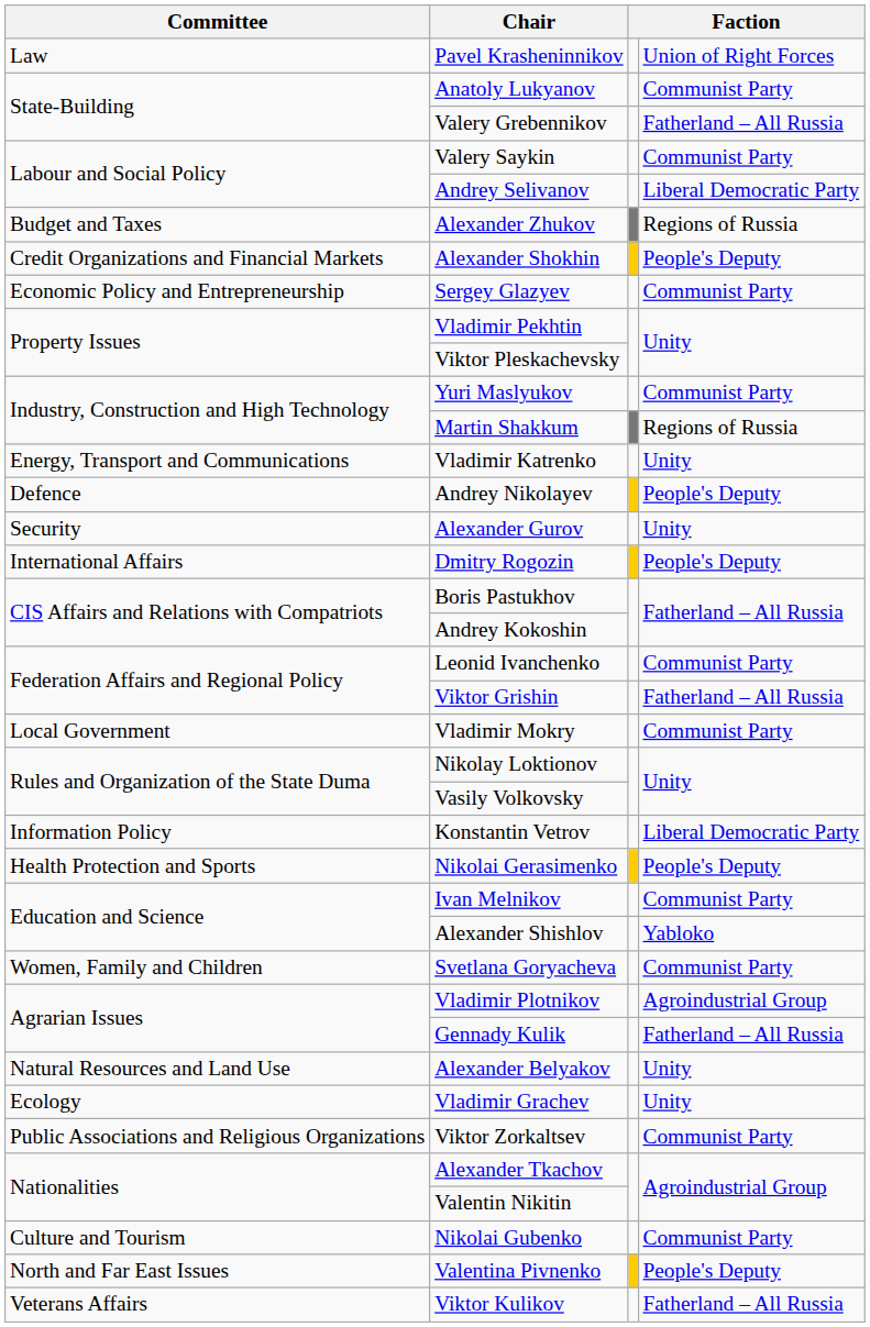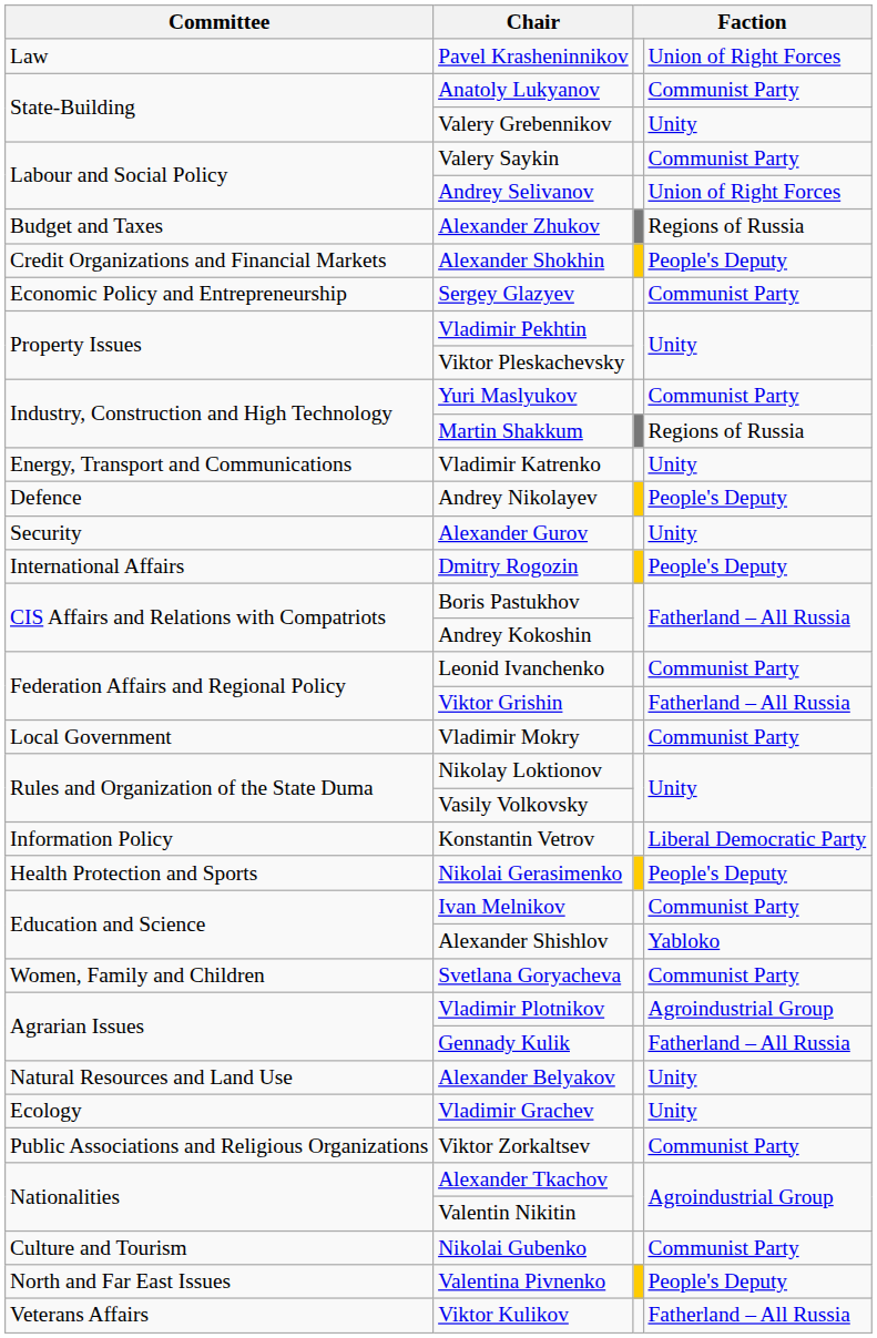 <table class="wikitable">
 <tr>
 <th>Committee</th>
 <th>Chair</th>
 <th colspan=2>Faction</th>
 </tr>
 <tr>
 <td>Law</td>
 <td><a href='#'>Pavel Krasheninnikov</a></td>
 <td style="background-color:"></td>
 <td><a href='#'>Union of Right Forces</a></td>
 </tr>
 <tr>
 <td rowspan=2>State-Building</td>
 <td><a href='#'>Anatoly Lukyanov</a></td>
 <td style="background-color:"></td>
 <td><a href='#'>Communist Party</a></td>
 </tr>
 <tr>
 <td>Valery Grebennikov</td>
 <td style="background-color:"></td>
-<td><a href='#'>Fatherland – All Russia</a></td>
+<td><a href='#'>Unity</a></td>
 </tr>
 <tr>
 <td rowspan=2>Labour and Social Policy</td>
 <td>Valery Saykin</td>
 <td style="background-color:"></td>
 <td><a href='#'>Communist Party</a></td>
 </tr>
 <tr>
 <td><a href='#'>Andrey Selivanov</a></td>
 <td style="background-color:"></td>
-<td><a href='#'>Liberal Democratic Party</a></td>
+<td><a href='#'>Union of Right Forces</a></td>
 </tr>
 <tr>
 <td>Budget and Taxes</td>
 <td><a href='#'>Alexander Zhukov</a></td>
 <td style="background-color:#777777"></td>
 <td>Regions of Russia</td>
 </tr>
 <tr>
 <td>Credit Organizations and Financial Markets</td>
 <td><a href='#'>Alexander Shokhin</a></td>
 <td style="background-color:#FFCC00"></td>
 <td><a href='#'>People's Deputy</a></td>
 </tr>
 <tr>
 <td>Economic Policy and Entrepreneurship</td>
 <td><a href='#'>Sergey Glazyev</a></td>
 <td style="background-color:"></td>
 <td><a href='#'>Communist Party</a></td>
 </tr>
 <tr>
 <td rowspan=2>Property Issues</td>
 <td><a href='#'>Vladimir Pekhtin</a></td>
 <td rowspan=2; style="background-color:"></td>
 <td rowspan=2><a href='#'>Unity</a></td>
 </tr>
 <tr>
 <td>Viktor Pleskachevsky</td>
 </tr>
 <tr>
 <td rowspan=2>Industry, Construction and High Technology</td>
 <td><a href='#'>Yuri Maslyukov</a></td>
 <td style="background-color:"></td>
 <td><a href='#'>Communist Party</a></td>
 </tr>
 <tr>
 <td><a href='#'>Martin Shakkum</a></td>
 <td style="background-color:#777777"></td>
 <td>Regions of Russia</td>
 </tr>
 <tr>
 <td>Energy, Transport and Communications</td>
 <td>Vladimir Katrenko</td>
 <td style="background-color:"></td>
 <td><a href='#'>Unity</a></td>
 </tr>
 <tr>
 <td>Defence</td>
 <td>Andrey Nikolayev</td>
 <td style="background-color:#FFCC00"></td>
 <td><a href='#'>People's Deputy</a></td>
 </tr>
 <tr>
 <td>Security</td>
 <td><a href='#'>Alexander Gurov</a></td>
 <td style="background-color:"></td>
 <td><a href='#'>Unity</a></td>
 </tr>
 <tr>
 <td>International Affairs</td>
 <td><a href='#'>Dmitry Rogozin</a></td>
 <td style="background-color:#FFCC00"></td>
 <td><a href='#'>People's Deputy</a></td>
 </tr>
 <tr>
 <td rowspan=2><a href='#'>CIS</a> Affairs and Relations with Compatriots</td>
 <td>Boris Pastukhov</td>
 <td rowspan=2; style="background-color:"></td>
 <td rowspan=2><a href='#'>Fatherland – All Russia</a></td>
 </tr>
 <tr>
 <td>Andrey Kokoshin</td>
 </tr>
 <tr>
 <td rowspan=2>Federation Affairs and Regional Policy</td>
 <td>Leonid Ivanchenko</td>
 <td style="background-color:"></td>
 <td><a href='#'>Communist Party</a></td>
 </tr>
 <tr>
 <td><a href='#'>Viktor Grishin</a></td>
 <td style="background-color:"></td>
 <td><a href='#'>Fatherland – All Russia</a></td>
 </tr>
 <tr>
 <td>Local Government</td>
 <td>Vladimir Mokry</td>
 <td style="background-color:"></td>
 <td><a href='#'>Communist Party</a></td>
 </tr>
 <tr>
 <td rowspan=2>Rules and Organization of the State Duma</td>
 <td>Nikolay Loktionov</td>
 <td rowspan=2; style="background-color:"></td>
 <td rowspan=2><a href='#'>Unity</a></td>
 </tr>
 <tr>
 <td>Vasily Volkovsky</td>
 </tr>
 <tr>
 <td>Information Policy</td>
 <td>Konstantin Vetrov</td>
 <td style="background-color:"></td>
 <td><a href='#'>Liberal Democratic Party</a></td>
 </tr>
 <tr>
 <td>Health Protection and Sports</td>
 <td><a href='#'>Nikolai Gerasimenko</a></td>
 <td style="background-color:#FFCC00"></td>
 <td><a href='#'>People's Deputy</a></td>
 </tr>
 <tr>
 <td rowspan=2>Education and Science</td>
 <td><a href='#'>Ivan Melnikov</a></td>
 <td style="background-color:"></td>
 <td><a href='#'>Communist Party</a></td>
 </tr>
 <tr>
 <td>Alexander Shishlov</td>
 <td style="background-color:"></td>
 <td><a href='#'>Yabloko</a></td>
 </tr>
 <tr>
 <td>Women, Family and Children</td>
 <td><a href='#'>Svetlana Goryacheva</a></td>
 <td style="background-color:"></td>
 <td><a href='#'>Communist Party</a></td>
 </tr>
 <tr>
 <td rowspan=2>Agrarian Issues</td>
 <td><a href='#'>Vladimir Plotnikov</a></td>
 <td style="background-color:"></td>
 <td><a href='#'>Agroindustrial Group</a></td>
 </tr>
 <tr>
 <td><a href='#'>Gennady Kulik</a></td>
 <td style="background-color:"></td>
 <td><a href='#'>Fatherland – All Russia</a></td>
 </tr>
 <tr>
 <td>Natural Resources and Land Use</td>
 <td><a href='#'>Alexander Belyakov</a></td>
 <td style="background-color:"></td>
 <td><a href='#'>Unity</a></td>
 </tr>
 <tr>
 <td>Ecology</td>
 <td><a href='#'>Vladimir Grachev</a></td>
 <td style="background-color:"></td>
 <td><a href='#'>Unity</a></td>
 </tr>
 <tr>
 <td>Public Associations and Religious Organizations</td>
 <td>Viktor Zorkaltsev</td>
 <td style="background-color:"></td>
 <td><a href='#'>Communist Party</a></td>
 </tr>
 <tr>
 <td rowspan=2>Nationalities</td>
 <td><a href='#'>Alexander Tkachov</a></td>
 <td rowspan=2; style="background-color:"></td>
 <td rowspan=2><a href='#'>Agroindustrial Group</a></td>
 </tr>
 <tr>
 <td>Valentin Nikitin</td>
 </tr>
 <tr>
 <td>Culture and Tourism</td>
 <td><a href='#'>Nikolai Gubenko</a></td>
 <td style="background-color:"></td>
 <td><a href='#'>Communist Party</a></td>
 </tr>
 <tr>
 <td>North and Far East Issues</td>
 <td><a href='#'>Valentina Pivnenko</a></td>
 <td style="background-color:#FFCC00"></td>
 <td><a href='#'>People's Deputy</a></td>
 </tr>
 <tr>
 <td>Veterans Affairs</td>
 <td><a href='#'>Viktor Kulikov</a></td>
 <td style="background-color:"></td>
 <td><a href='#'>Fatherland – All Russia</a></td>
 </tr>
 </table>
